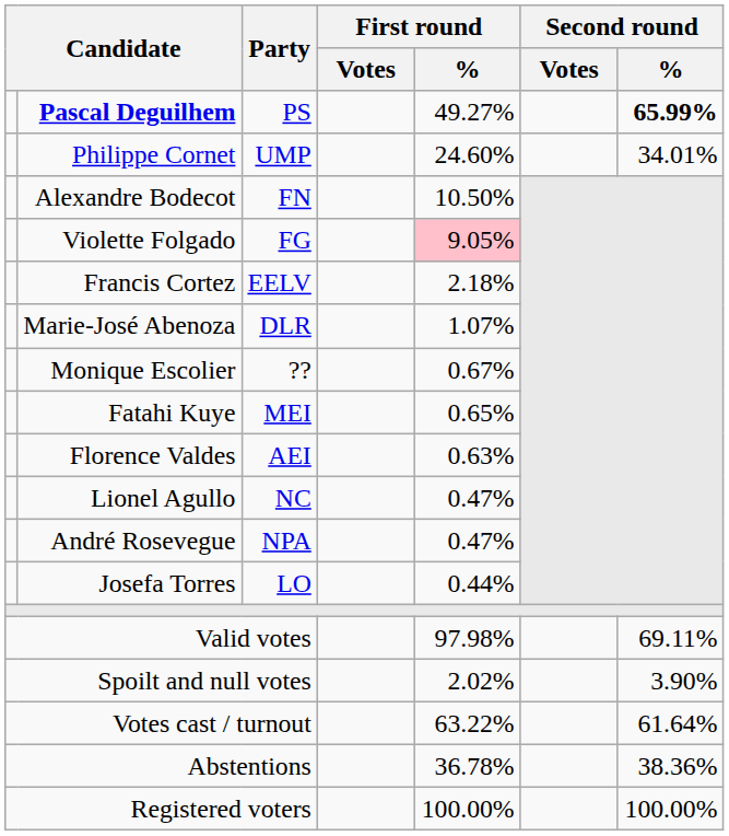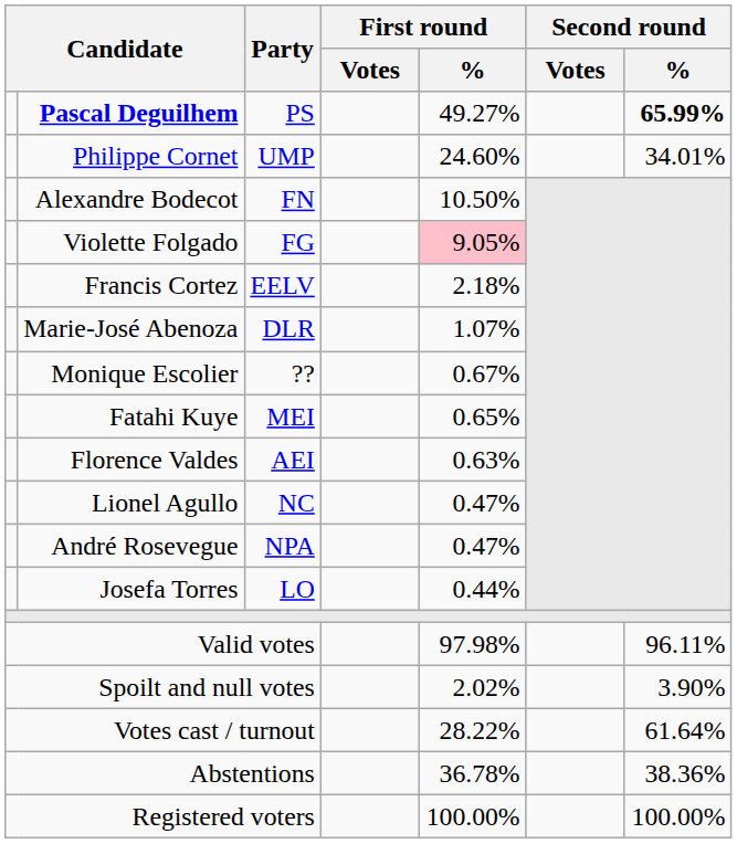 <table class="wikitable" style="text-align:right;font-size:95%;">
 <tr>
 <th rowspan=2 colspan=2>Candidate</th>
 <th rowspan=2 colspan=1>Party</th>
 <th colspan=2>First round</th>
 <th colspan=2>Second round</th>
 </tr>
 <tr>
 <th style="width:50px;">Votes</th>
 <th style="width:55px;">%</th>
 <th style="width:50px;">Votes</th>
 <th style="width:55px;">%</th>
 </tr>
 <tr>
 <td style="color:inherit;background-color:"></td>
 <td><strong><a href='#'>Pascal Deguilhem</a></strong></td>
 <td><a href='#'>PS</a></td>
 <td></td>
 <td>49.27%</td>
 <td><strong></strong></td>
 <td><strong>65.99%</strong></td>
 </tr>
 <tr>
 <td style="color:inherit;background-color:"></td>
 <td><a href='#'>Philippe Cornet</a></td>
 <td><a href='#'>UMP</a></td>
 <td></td>
 <td>24.60%</td>
 <td></td>
 <td>34.01%</td>
 </tr>
 <tr>
 <td style="color:inherit;background-color:"></td>
 <td>Alexandre Bodecot</td>
 <td><a href='#'>FN</a></td>
 <td></td>
 <td>10.50%</td>
 <td colspan=7 rowspan=10 style="background-color:#E9E9E9;"></td>
 </tr>
 <tr>
 <td style="color:inherit;background-color:"></td>
 <td>Violette Folgado</td>
 <td><a href='#'>FG</a></td>
 <td></td>
 <td style="background: pink;">9.05%</td>
 </tr>
 <tr>
 <td style="color:inherit;background-color:"></td>
 <td>Francis Cortez</td>
 <td><a href='#'>EELV</a></td>
 <td></td>
 <td>2.18%</td>
 </tr>
 <tr>
 <td style="color:inherit;background-color:"></td>
 <td>Marie-José Abenoza</td>
 <td><a href='#'>DLR</a></td>
 <td></td>
 <td>1.07%</td>
 </tr>
 <tr>
 <td style="color:inherit;background-color:"></td>
 <td>Monique Escolier</td>
 <td>??</td>
 <td></td>
 <td>0.67%</td>
 </tr>
 <tr>
 <td style="color:inherit;background-color:"></td>
 <td>Fatahi Kuye</td>
 <td><a href='#'>MEI</a></td>
 <td></td>
 <td>0.65%</td>
 </tr>
 <tr>
 <td style="color:inherit;background-color:"></td>
 <td>Florence Valdes</td>
 <td><a href='#'>AEI</a></td>
 <td></td>
 <td>0.63%</td>
 </tr>
 <tr>
 <td style="color:inherit;background-color:"></td>
 <td>Lionel Agullo</td>
 <td><a href='#'>NC</a></td>
 <td></td>
 <td>0.47%</td>
 </tr>
 <tr>
 <td style="color:inherit;background-color:"></td>
 <td>André Rosevegue</td>
 <td><a href='#'>NPA</a></td>
 <td></td>
 <td>0.47%</td>
 </tr>
 <tr>
 <td style="color:inherit;background-color:"></td>
 <td>Josefa Torres</td>
 <td><a href='#'>LO</a></td>
 <td></td>
 <td>0.44%</td>
 </tr>
 <tr>
 <td colspan=7 style="background-color:#E9E9E9;"></td>
 </tr>
 <tr>
 <td colspan=3>Valid votes</td>
 <td></td>
 <td>97.98%</td>
 <td></td>
-<td>69.11%</td>
+<td>96.11%</td>
 </tr>
 <tr>
 <td colspan=3>Spoilt and null votes</td>
 <td></td>
 <td>2.02%</td>
 <td></td>
 <td>3.90%</td>
 </tr>
 <tr>
 <td colspan=3>Votes cast / turnout</td>
 <td></td>
-<td>63.22%</td>
+<td>28.22%</td>
 <td></td>
 <td>61.64%</td>
 </tr>
 <tr>
 <td colspan=3>Abstentions</td>
 <td></td>
 <td>36.78%</td>
 <td></td>
 <td>38.36%</td>
 </tr>
 <tr>
 <td colspan=3>Registered voters</td>
 <td></td>
 <td>100.00%</td>
 <td></td>
 <td>100.00%</td>
 </tr>
 </table>
